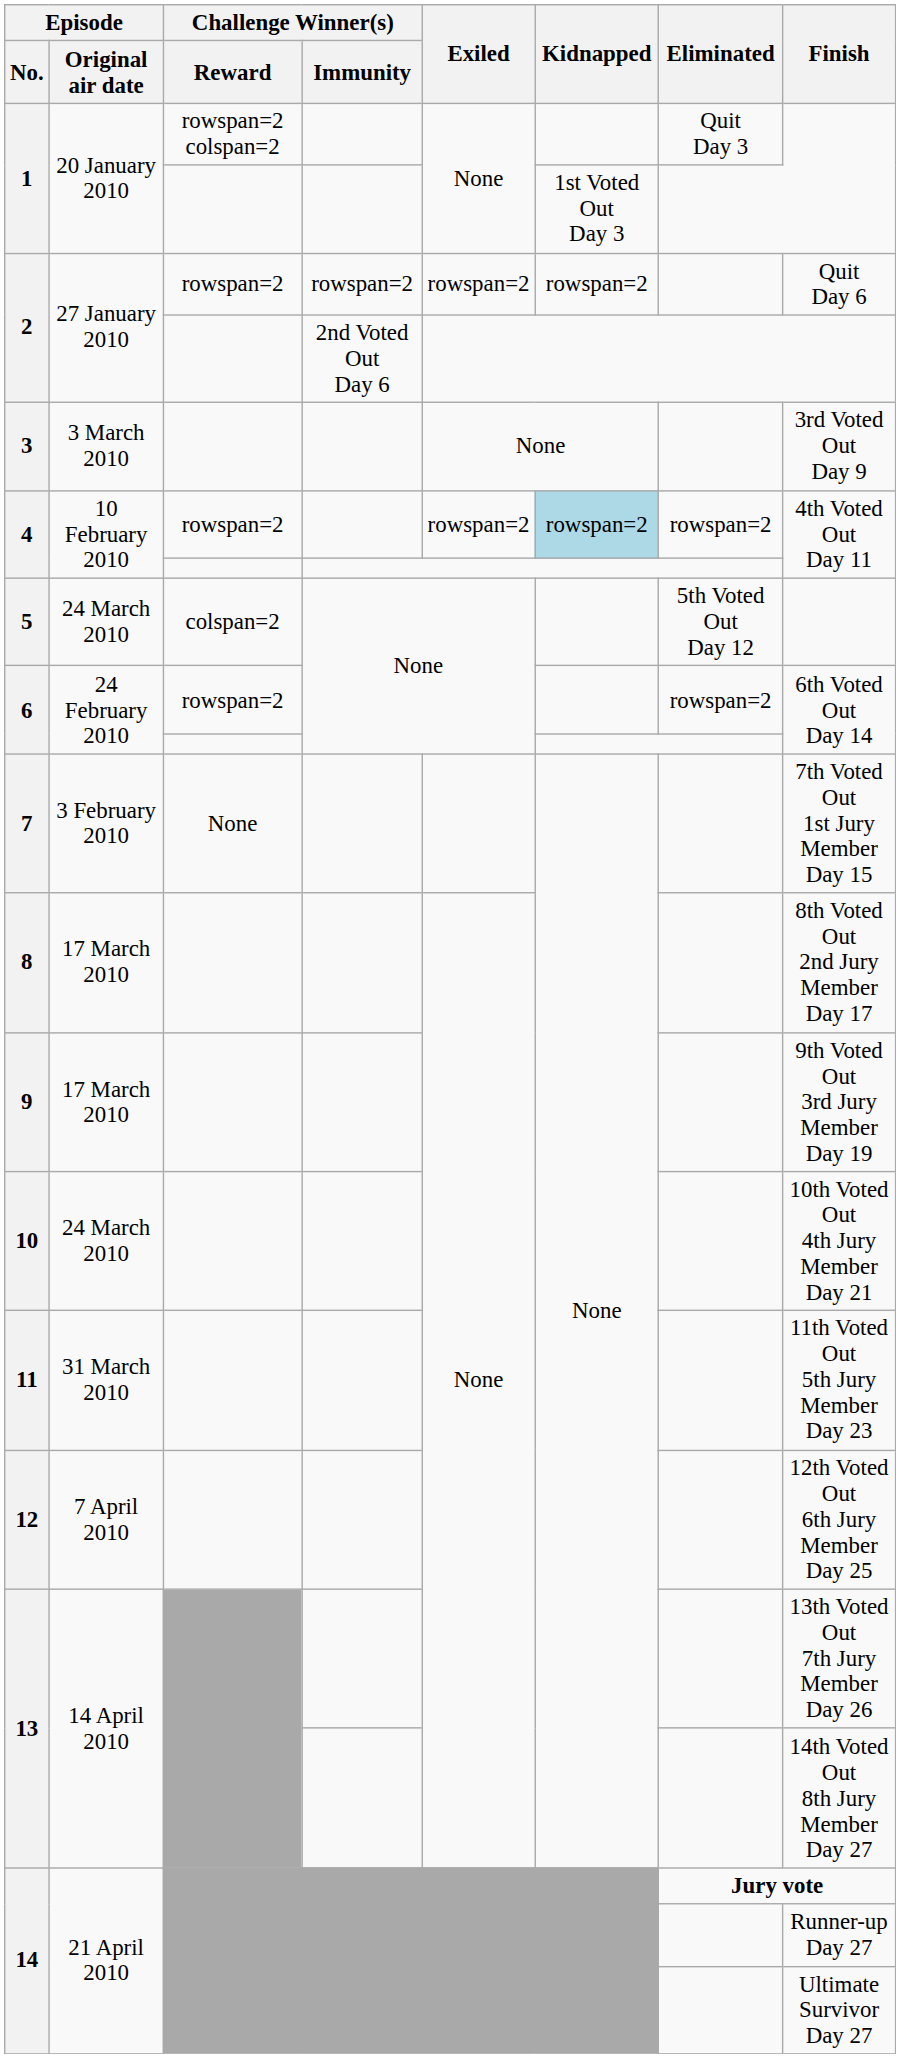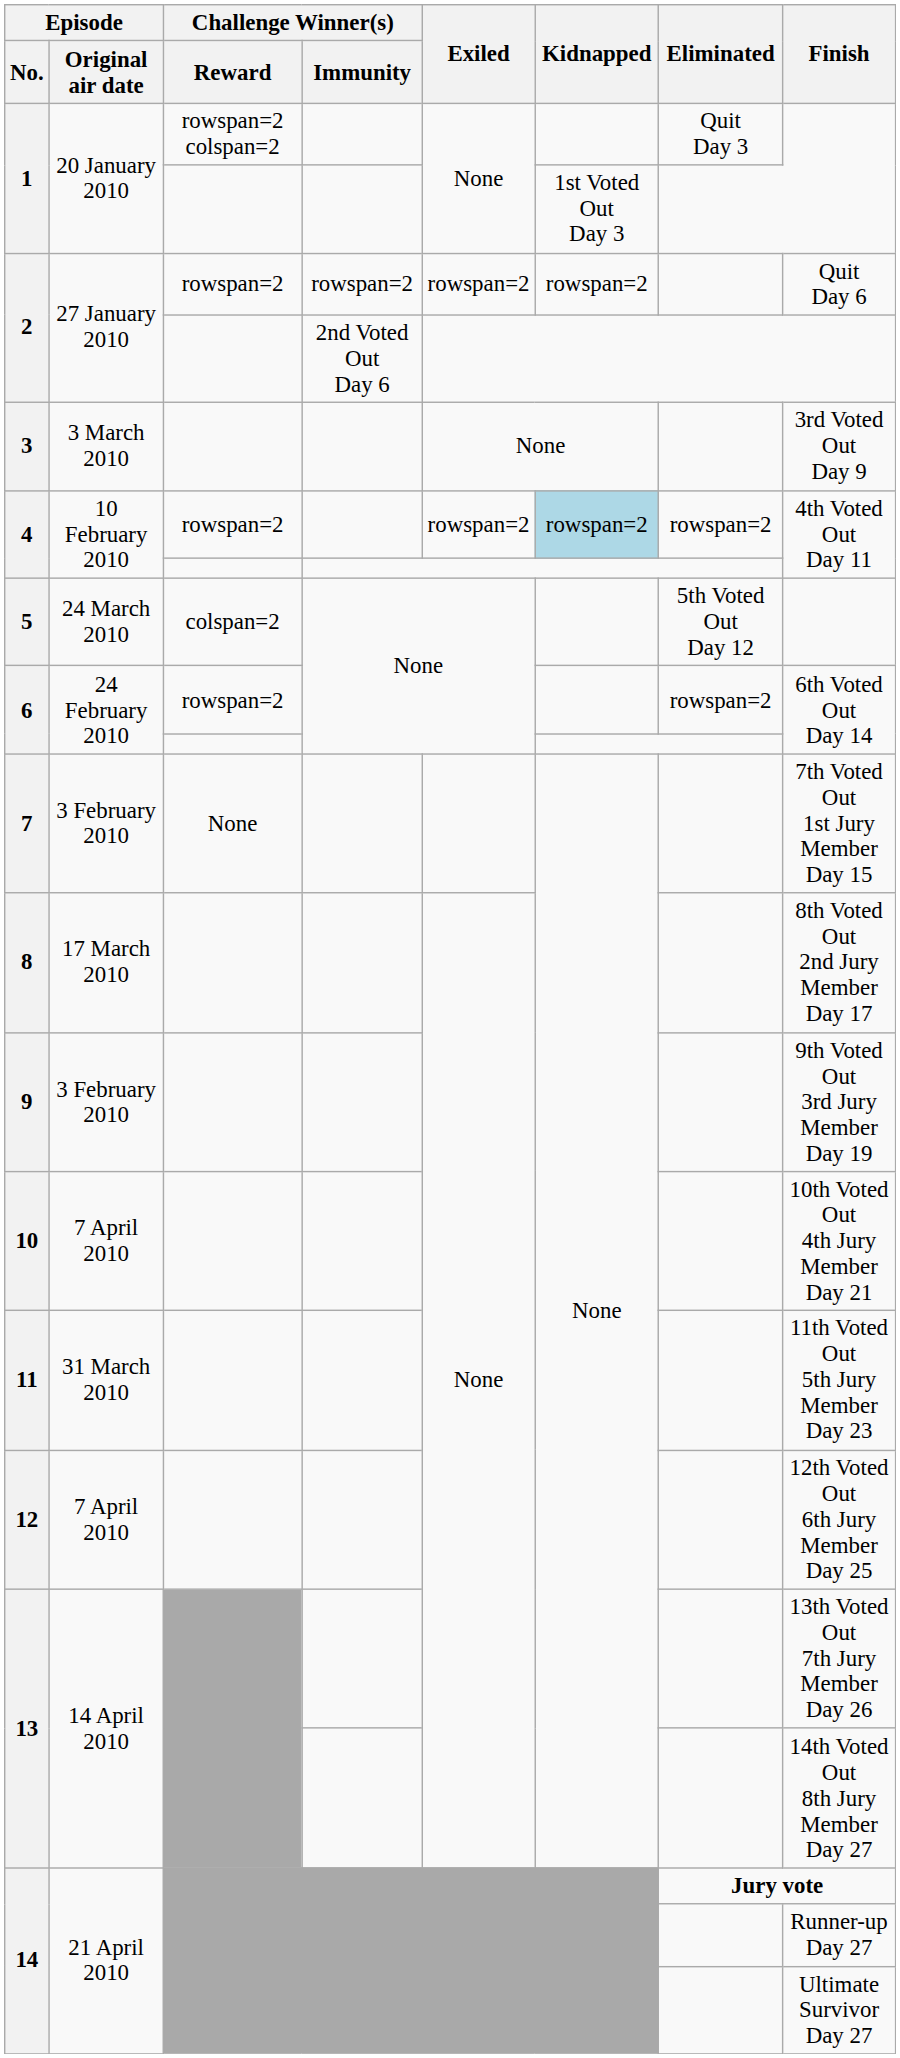 <table class="wikitable" style="margin:auto; text-align:center">
 <tr>
 <th colspan=2><strong>Episode</strong></th>
 <th colspan=2><strong>Challenge Winner(s)</strong></th>
 <th rowspan=2>Exiled</th>
 <th rowspan=2>Kidnapped</th>
 <th rowspan=2><strong>Eliminated</strong></th>
 <th rowspan=2><strong>Finish</strong></th>
 </tr>
 <tr>
 <th><strong>No.</strong></th>
 <th><strong>Original air date</strong></th>
 <th><strong>Reward</strong></th>
 <th><strong>Immunity</strong></th>
 </tr>
 <tr>
 <th rowspan=2>1</th>
 <td rowspan=2>20 January 2010</td>
 <td>rowspan=2 colspan=2 </td>
 <td></td>
 <td rowspan=2>None</td>
 <td></td>
 <td>Quit<br>Day 3</td>
 </tr>
 <tr>
 <td></td>
 <td></td>
 <td>1st Voted Out<br>Day 3</td>
 </tr>
 <tr>
 <th rowspan=2>2</th>
 <td rowspan=2>27 January 2010</td>
 <td>rowspan=2 </td>
 <td>rowspan=2 </td>
 <td>rowspan=2 </td>
 <td>rowspan=2 </td>
 <td></td>
 <td>Quit<br>Day 6</td>
 </tr>
 <tr>
 <td></td>
 <td>2nd Voted Out<br>Day 6</td>
 </tr>
 <tr>
 <th>3</th>
 <td>3 March 2010</td>
 <td></td>
 <td></td>
 <td colspan=2>None</td>
 <td></td>
 <td>3rd Voted Out<br>Day 9</td>
 </tr>
 <tr>
 <th rowspan=2>4</th>
 <td rowspan=2>10 February 2010</td>
 <td>rowspan=2 </td>
 <td></td>
 <td>rowspan=2 </td>
 <td style="background: lightblue;">rowspan=2 </td>
 <td>rowspan=2 </td>
 <td rowspan=2>4th Voted Out<br>Day 11</td>
 </tr>
 <tr>
 <td></td>
 </tr>
 <tr>
 <th>5</th>
 <td>24 March 2010</td>
 <td>colspan=2 </td>
 <td rowspan=3 colspan=2>None</td>
 <td></td>
 <td>5th Voted Out<br>Day 12</td>
 </tr>
 <tr>
 <th rowspan=2>6</th>
 <td rowspan=2>24 February 2010</td>
 <td>rowspan=2 </td>
 <td></td>
 <td>rowspan=2 </td>
 <td rowspan=2>6th Voted Out<br>Day 14</td>
 </tr>
 <tr>
 <td></td>
 </tr>
 <tr>
 <th>7</th>
 <td>3 February 2010</td>
 <td>None</td>
 <td></td>
 <td></td>
 <td rowspan=8>None</td>
 <td></td>
 <td>7th Voted Out<br>1st Jury Member<br>Day 15</td>
 </tr>
 <tr>
 <th>8</th>
 <td>17 March 2010</td>
 <td></td>
 <td></td>
 <td rowspan=7>None</td>
 <td></td>
 <td>8th Voted Out<br>2nd Jury Member<br>Day 17</td>
 </tr>
 <tr>
 <th>9</th>
-<td>17 March 2010</td>
+<td>3 February 2010</td>
 <td></td>
 <td></td>
 <td></td>
 <td>9th Voted Out<br>3rd Jury Member<br>Day 19</td>
 </tr>
 <tr>
 <th>10</th>
-<td>24 March 2010</td>
+<td>7 April 2010</td>
 <td></td>
 <td></td>
 <td></td>
 <td>10th Voted Out<br>4th Jury Member<br>Day 21</td>
 </tr>
 <tr>
 <th>11</th>
 <td>31 March 2010</td>
 <td></td>
 <td></td>
 <td></td>
 <td>11th Voted Out<br>5th Jury Member<br>Day 23</td>
 </tr>
 <tr>
 <th>12</th>
 <td>7 April 2010</td>
 <td></td>
 <td></td>
 <td></td>
 <td>12th Voted Out<br>6th Jury Member<br>Day 25</td>
 </tr>
 <tr>
 <th rowspan="2">13</th>
 <td rowspan="2">14 April 2010</td>
 <td rowspan="2" bgcolor="darkgray"></td>
 <td></td>
 <td></td>
 <td>13th Voted Out<br>7th Jury Member<br>Day 26</td>
 </tr>
 <tr>
 <td></td>
 <td></td>
 <td>14th Voted Out<br>8th Jury Member<br>Day 27</td>
 </tr>
 <tr>
 <th rowspan=3>14</th>
 <td rowspan=3>21 April 2010</td>
 <td rowspan=3 colspan=4 bgcolor="darkgray"></td>
 <td colspan=3><strong>Jury vote</strong></td>
 </tr>
 <tr>
 <td></td>
 <td>Runner-up<br>Day 27</td>
 </tr>
 <tr>
 <td></td>
 <td>Ultimate Survivor<br>Day 27</td>
 </tr>
 </table>
